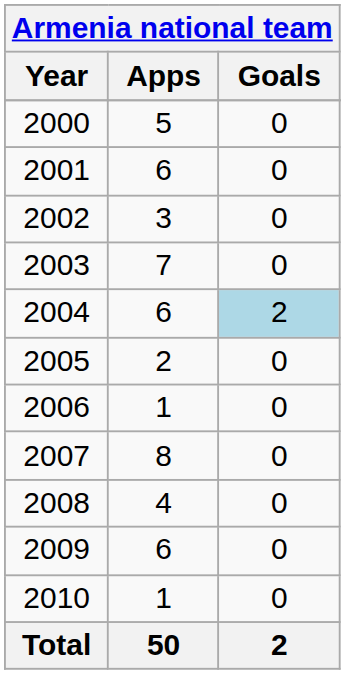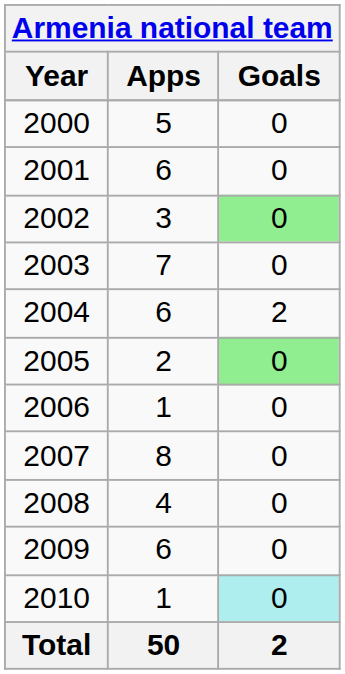 <table class="wikitable" style="text-align:center">
 <tr>
 <th colspan=3><a href='#'>Armenia national team</a></th>
 </tr>
 <tr>
 <th>Year</th>
 <th>Apps</th>
 <th>Goals</th>
 </tr>
 <tr>
 </tr>
 <tr>
 <td>2000</td>
 <td>5</td>
 <td>0</td>
 </tr>
 <tr>
 <td>2001</td>
 <td>6</td>
 <td>0</td>
 </tr>
 <tr>
 <td>2002</td>
 <td>3</td>
-<td>0</td>
+<td style="background: lightgreen;">0</td>
 </tr>
 <tr>
 <td>2003</td>
 <td>7</td>
 <td>0</td>
 </tr>
 <tr>
 <td>2004</td>
 <td>6</td>
-<td style="background: lightblue;">2</td>
+<td>2</td>
 </tr>
 <tr>
 <td>2005</td>
 <td>2</td>
-<td>0</td>
+<td style="background: lightgreen;">0</td>
 </tr>
 <tr>
 <td>2006</td>
 <td>1</td>
 <td>0</td>
 </tr>
 <tr>
 <td>2007</td>
 <td>8</td>
 <td>0</td>
 </tr>
 <tr>
 <td>2008</td>
 <td>4</td>
 <td>0</td>
 </tr>
 <tr>
 <td>2009</td>
 <td>6</td>
 <td>0</td>
 </tr>
 <tr>
 <td>2010</td>
 <td>1</td>
-<td>0</td>
+<td style="background: paleturquoise;">0</td>
 </tr>
 <tr>
 <th>Total</th>
 <th>50</th>
 <th>2</th>
 </tr>
 </table>
